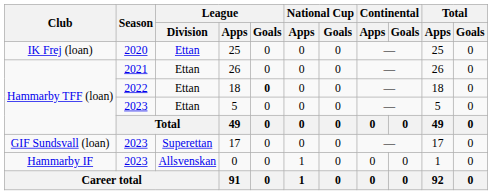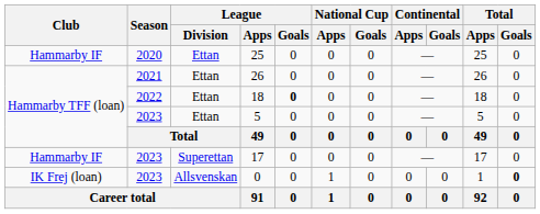 <table class="wikitable" style="text-align:center;">
 <tr>
 <th rowspan="2">Club</th>
 <th rowspan="2">Season</th>
 <th colspan="3">League</th>
 <th colspan="2">National Cup</th>
 <th colspan="2">Continental</th>
 <th colspan="2">Total</th>
 </tr>
 <tr>
 <th>Division</th>
 <th>Apps</th>
 <th>Goals</th>
 <th>Apps</th>
 <th>Goals</th>
 <th>Apps</th>
 <th>Goals</th>
 <th>Apps</th>
 <th>Goals</th>
 </tr>
 <tr>
-<td><a href='#'>IK Frej</a> (loan)</td>
+<td><a href='#'>Hammarby IF</a></td>
 <td><a href='#'>2020</a></td>
 <td><a href='#'>Ettan</a></td>
 <td>25</td>
 <td>0</td>
 <td>0</td>
 <td>0</td>
 <td colspan="2">—</td>
 <td>25</td>
 <td>0</td>
 </tr>
 <tr>
 <td rowspan="4"><a href='#'>Hammarby TFF</a> (loan)</td>
 <td><a href='#'>2021</a></td>
 <td>Ettan</td>
 <td>26</td>
 <td>0</td>
 <td>0</td>
 <td>0</td>
 <td colspan="2">—</td>
 <td>26</td>
 <td>0</td>
 </tr>
 <tr>
 <td><a href='#'>2022</a></td>
 <td>Ettan</td>
 <td>18</td>
 <td><strong>0</strong></td>
 <td>0</td>
 <td>0</td>
 <td colspan="2">—</td>
 <td>18</td>
 <td>0</td>
 </tr>
 <tr>
 <td><a href='#'>2023</a></td>
 <td>Ettan</td>
 <td>5</td>
 <td>0</td>
 <td>0</td>
 <td>0</td>
 <td colspan="2">—</td>
 <td>5</td>
 <td>0</td>
 </tr>
 <tr>
 <th colspan="2">Total</th>
 <th>49</th>
 <th>0</th>
 <th>0</th>
 <th>0</th>
 <th>0</th>
 <th>0</th>
 <th>49</th>
 <th>0</th>
 </tr>
 <tr>
-<td><a href='#'>GIF Sundsvall</a> (loan)</td>
+<td><a href='#'>Hammarby IF</a></td>
 <td><a href='#'>2023</a></td>
 <td><a href='#'>Superettan</a></td>
 <td>17</td>
 <td>0</td>
 <td>0</td>
 <td>0</td>
 <td colspan="2">—</td>
 <td>17</td>
 <td>0</td>
 </tr>
 <tr>
-<td><a href='#'>Hammarby IF</a></td>
+<td><a href='#'>IK Frej</a> (loan)</td>
 <td><a href='#'>2023</a></td>
 <td><a href='#'>Allsvenskan</a></td>
 <td>0</td>
 <td>0</td>
 <td>1</td>
 <td>0</td>
 <td>0</td>
 <td>0</td>
 <td>1</td>
-<td>0</td>
+<td><strong>0</strong></td>
 </tr>
 <tr>
 <th colspan="3">Career total</th>
 <th>91</th>
 <th>0</th>
 <th>1</th>
 <th>0</th>
 <th>0</th>
 <th>0</th>
 <th>92</th>
 <th>0</th>
 </tr>
 </table>
